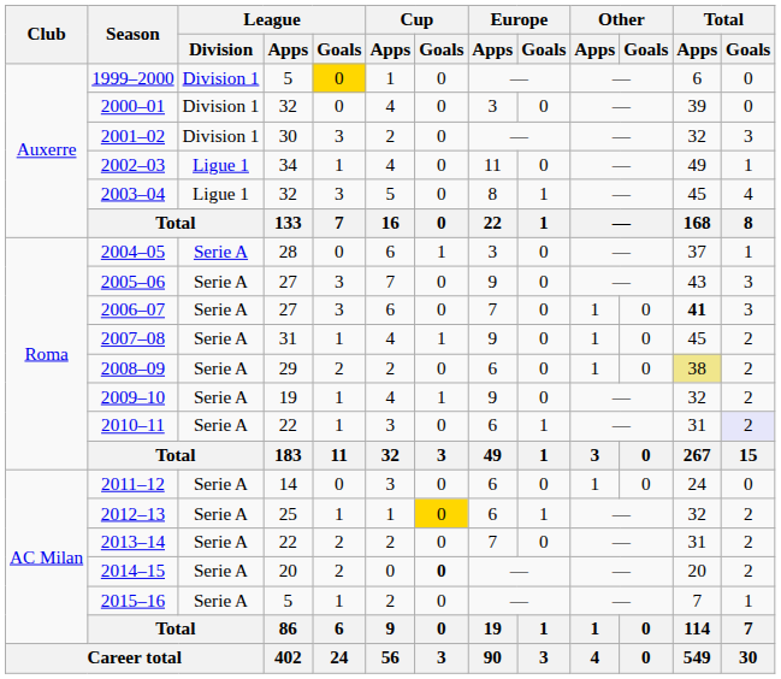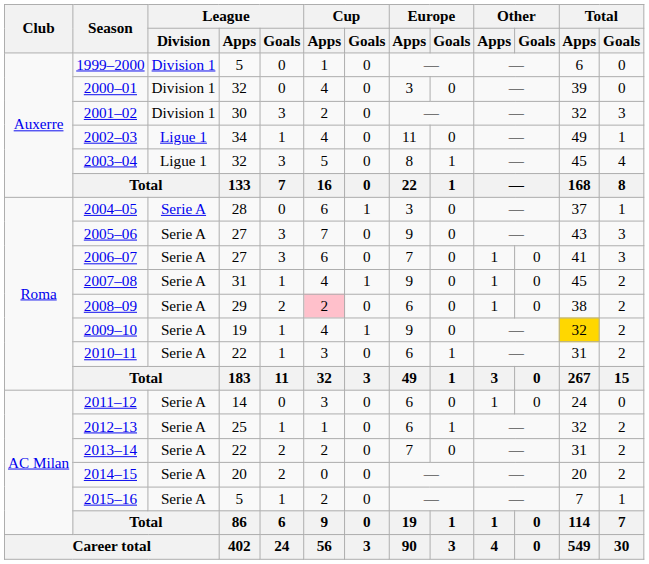 <table class="wikitable" style="text-align: center;">
 <tr>
 <th rowspan="2">Club</th>
 <th rowspan="2">Season</th>
 <th colspan="3">League</th>
 <th colspan="2">Cup</th>
 <th colspan="2">Europe</th>
 <th colspan="2">Other</th>
 <th colspan="2">Total</th>
 </tr>
 <tr>
 <th>Division</th>
 <th>Apps</th>
 <th>Goals</th>
 <th>Apps</th>
 <th>Goals</th>
 <th>Apps</th>
 <th>Goals</th>
 <th>Apps</th>
 <th>Goals</th>
 <th>Apps</th>
 <th>Goals</th>
 </tr>
 <tr>
 <td rowspan="6"><a href='#'>Auxerre</a></td>
 <td><a href='#'>1999–2000</a></td>
 <td><a href='#'>Division 1</a></td>
 <td>5</td>
-<td style="background: gold;">0</td>
+<td>0</td>
 <td>1</td>
 <td>0</td>
 <td colspan="2">—</td>
 <td colspan="2">—</td>
 <td>6</td>
 <td>0</td>
 </tr>
 <tr>
 <td><a href='#'>2000–01</a></td>
 <td>Division 1</td>
 <td>32</td>
 <td>0</td>
 <td>4</td>
 <td>0</td>
 <td>3</td>
 <td>0</td>
 <td colspan="2">—</td>
 <td>39</td>
 <td>0</td>
 </tr>
 <tr>
 <td><a href='#'>2001–02</a></td>
 <td>Division 1</td>
 <td>30</td>
 <td>3</td>
 <td>2</td>
 <td>0</td>
 <td colspan="2">—</td>
 <td colspan="2">—</td>
 <td>32</td>
 <td>3</td>
 </tr>
 <tr>
 <td><a href='#'>2002–03</a></td>
 <td><a href='#'>Ligue 1</a></td>
 <td>34</td>
 <td>1</td>
 <td>4</td>
 <td>0</td>
 <td>11</td>
 <td>0</td>
 <td colspan="2">—</td>
 <td>49</td>
 <td>1</td>
 </tr>
 <tr>
 <td><a href='#'>2003–04</a></td>
 <td>Ligue 1</td>
 <td>32</td>
 <td>3</td>
 <td>5</td>
 <td>0</td>
 <td>8</td>
 <td>1</td>
 <td colspan="2">—</td>
 <td>45</td>
 <td>4</td>
 </tr>
 <tr>
 <th colspan="2">Total</th>
 <th>133</th>
 <th>7</th>
 <th>16</th>
 <th>0</th>
 <th>22</th>
 <th>1</th>
 <th colspan="2">—</th>
 <th>168</th>
 <th>8</th>
 </tr>
 <tr>
 <td rowspan="8"><a href='#'>Roma</a></td>
 <td><a href='#'>2004–05</a></td>
 <td><a href='#'>Serie A</a></td>
 <td>28</td>
 <td>0</td>
 <td>6</td>
 <td>1</td>
 <td>3</td>
 <td>0</td>
 <td colspan="2">—</td>
 <td>37</td>
 <td>1</td>
 </tr>
 <tr>
 <td><a href='#'>2005–06</a></td>
 <td>Serie A</td>
 <td>27</td>
 <td>3</td>
 <td>7</td>
 <td>0</td>
 <td>9</td>
 <td>0</td>
 <td colspan="2">—</td>
 <td>43</td>
 <td>3</td>
 </tr>
 <tr>
 <td><a href='#'>2006–07</a></td>
 <td>Serie A</td>
 <td>27</td>
 <td>3</td>
 <td>6</td>
 <td>0</td>
 <td>7</td>
 <td>0</td>
 <td>1</td>
 <td>0</td>
-<td><strong>41</strong></td>
+<td>41</td>
 <td>3</td>
 </tr>
 <tr>
 <td><a href='#'>2007–08</a></td>
 <td>Serie A</td>
 <td>31</td>
 <td>1</td>
 <td>4</td>
 <td>1</td>
 <td>9</td>
 <td>0</td>
 <td>1</td>
 <td>0</td>
 <td>45</td>
 <td>2</td>
 </tr>
 <tr>
 <td><a href='#'>2008–09</a></td>
 <td>Serie A</td>
 <td>29</td>
 <td>2</td>
-<td>2</td>
+<td style="background: pink;">2</td>
 <td>0</td>
 <td>6</td>
 <td>0</td>
 <td>1</td>
 <td>0</td>
-<td style="background: khaki;">38</td>
+<td>38</td>
 <td>2</td>
 </tr>
 <tr>
 <td><a href='#'>2009–10</a></td>
 <td>Serie A</td>
 <td>19</td>
 <td>1</td>
 <td>4</td>
 <td>1</td>
 <td>9</td>
 <td>0</td>
 <td colspan="2">—</td>
-<td>32</td>
+<td style="background: gold;">32</td>
 <td>2</td>
 </tr>
 <tr>
 <td><a href='#'>2010–11</a></td>
 <td>Serie A</td>
 <td>22</td>
 <td>1</td>
 <td>3</td>
 <td>0</td>
 <td>6</td>
 <td>1</td>
 <td colspan="2">—</td>
 <td>31</td>
-<td style="background: lavender;">2</td>
+<td>2</td>
 </tr>
 <tr>
 <th colspan="2">Total</th>
 <th>183</th>
 <th>11</th>
 <th>32</th>
 <th>3</th>
 <th>49</th>
 <th>1</th>
 <th>3</th>
 <th>0</th>
 <th>267</th>
 <th>15</th>
 </tr>
 <tr>
 <td rowspan="6"><a href='#'>AC Milan</a></td>
 <td><a href='#'>2011–12</a></td>
 <td>Serie A</td>
 <td>14</td>
 <td>0</td>
 <td>3</td>
 <td>0</td>
 <td>6</td>
 <td>0</td>
 <td>1</td>
 <td>0</td>
 <td>24</td>
 <td>0</td>
 </tr>
 <tr>
 <td><a href='#'>2012–13</a></td>
 <td>Serie A</td>
 <td>25</td>
 <td>1</td>
 <td>1</td>
-<td style="background: gold;">0</td>
+<td>0</td>
 <td>6</td>
 <td>1</td>
 <td colspan="2">—</td>
 <td>32</td>
 <td>2</td>
 </tr>
 <tr>
 <td><a href='#'>2013–14</a></td>
 <td>Serie A</td>
 <td>22</td>
 <td>2</td>
 <td>2</td>
 <td>0</td>
 <td>7</td>
 <td>0</td>
 <td colspan="2">—</td>
 <td>31</td>
 <td>2</td>
 </tr>
 <tr>
 <td><a href='#'>2014–15</a></td>
 <td>Serie A</td>
 <td>20</td>
 <td>2</td>
 <td>0</td>
-<td><strong>0</strong></td>
+<td>0</td>
 <td colspan="2">—</td>
 <td colspan="2">—</td>
 <td>20</td>
 <td>2</td>
 </tr>
 <tr>
 <td><a href='#'>2015–16</a></td>
 <td>Serie A</td>
 <td>5</td>
 <td>1</td>
 <td>2</td>
 <td>0</td>
 <td colspan="2">—</td>
 <td colspan="2">—</td>
 <td>7</td>
 <td>1</td>
 </tr>
 <tr>
 <th colspan="2">Total</th>
 <th>86</th>
 <th>6</th>
 <th>9</th>
 <th>0</th>
 <th>19</th>
 <th>1</th>
 <th>1</th>
 <th>0</th>
 <th>114</th>
 <th>7</th>
 </tr>
 <tr>
 <th colspan="3">Career total</th>
 <th>402</th>
 <th>24</th>
 <th>56</th>
 <th>3</th>
 <th>90</th>
 <th>3</th>
 <th>4</th>
 <th>0</th>
 <th>549</th>
 <th>30</th>
 </tr>
 </table>
